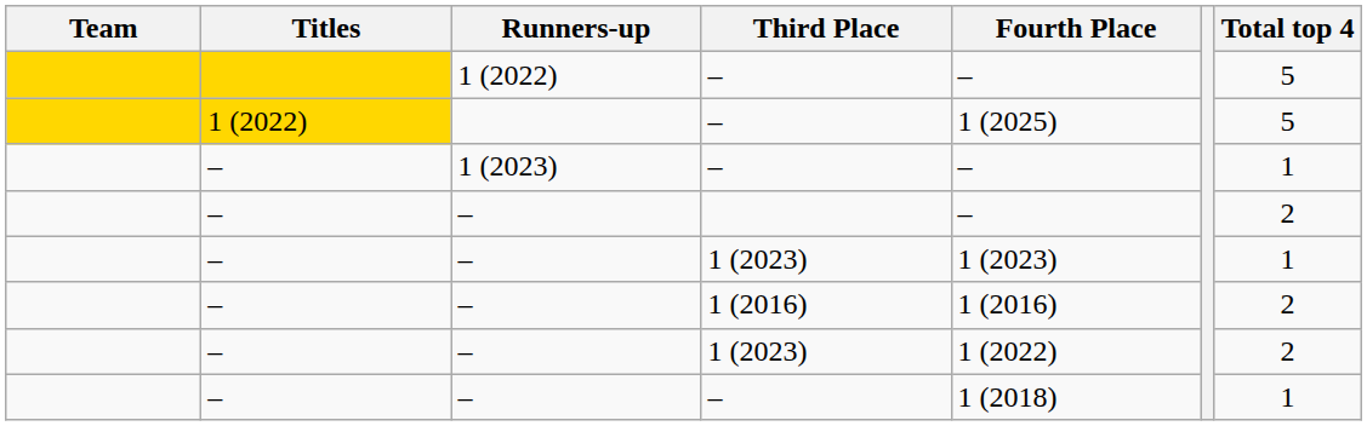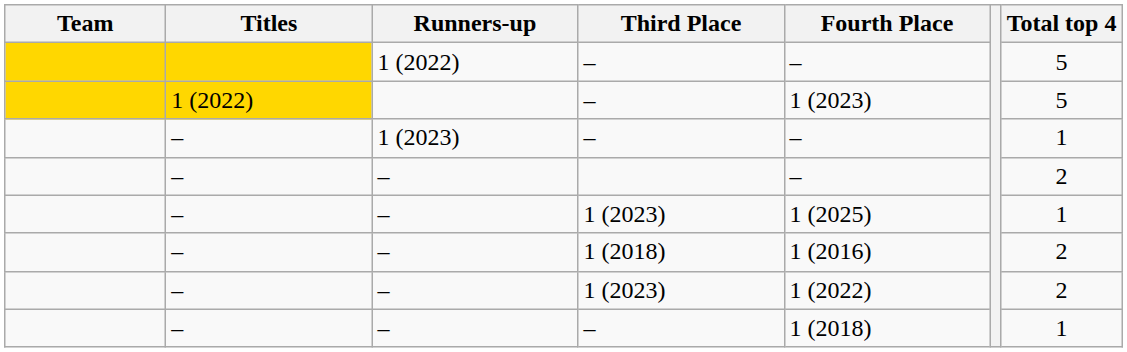 <table class="wikitable">
 <tr>
 <th width=100>Team</th>
 <th width=130>Titles</th>
 <th width=130>Runners-up</th>
 <th width=130>Third Place</th>
 <th width=130>Fourth Place</th>
 <th rowspan=9></th>
 <th align=center>Total top 4</th>
 </tr>
 <tr>
 <td bgcolor=gold></td>
 <td bgcolor=gold></td>
 <td>1 (2022)</td>
 <td>–</td>
 <td>–</td>
 <td align=center>5</td>
 </tr>
 <tr>
 <td bgcolor=gold></td>
 <td bgcolor=gold>1 (2022)</td>
 <td></td>
 <td>–</td>
-<td>1 (2025)</td>
+<td>1 (2023)</td>
 <td align=center>5</td>
 </tr>
 <tr>
 <td></td>
 <td>–</td>
 <td>1 (2023)</td>
 <td>–</td>
 <td>–</td>
 <td align=center>1</td>
 </tr>
 <tr>
 <td></td>
 <td>–</td>
 <td>–</td>
 <td></td>
 <td>–</td>
 <td align=center>2</td>
 </tr>
 <tr>
 <td></td>
 <td>–</td>
 <td>–</td>
 <td>1 (2023)</td>
-<td>1 (2023)</td>
+<td>1 (2025)</td>
 <td align=center>1</td>
 </tr>
 <tr>
 <td></td>
 <td>–</td>
 <td>–</td>
-<td>1 (2016)</td>
+<td>1 (2018)</td>
 <td>1 (2016)</td>
 <td align=center>2</td>
 </tr>
 <tr>
 <td></td>
 <td>–</td>
 <td>–</td>
 <td>1 (2023)</td>
 <td>1 (2022)</td>
 <td align=center>2</td>
 </tr>
 <tr>
 <td></td>
 <td>–</td>
 <td>–</td>
 <td>–</td>
 <td>1 (2018)</td>
 <td align=center>1</td>
 </tr>
 </table>
